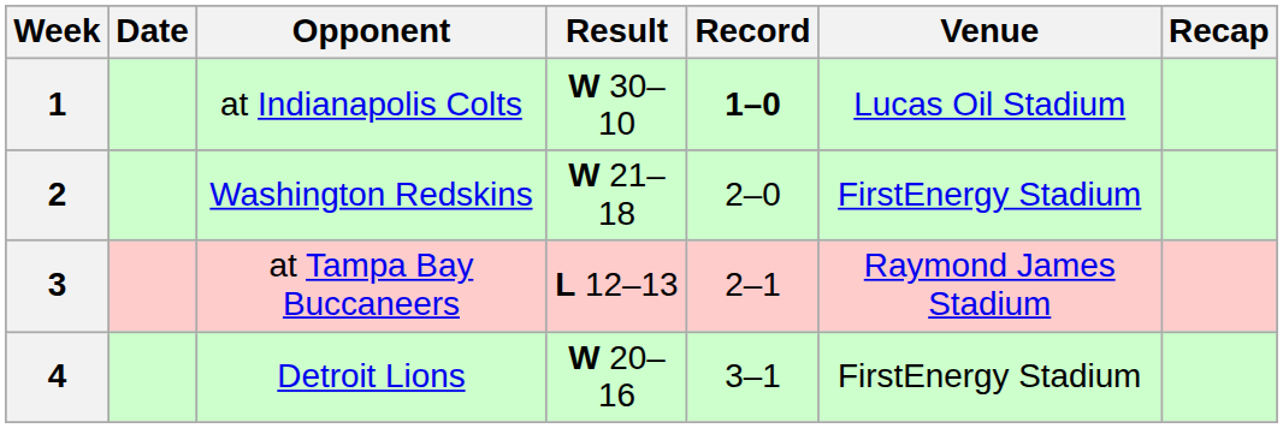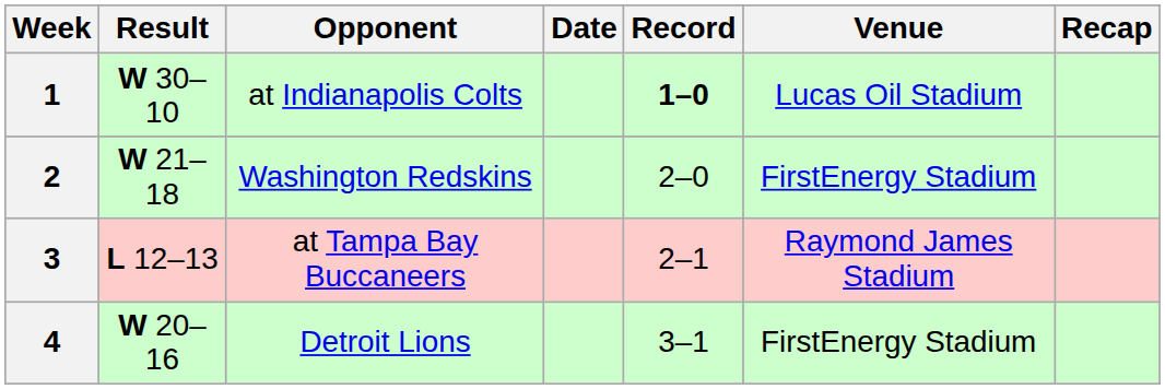 <table class="wikitable" style="text-align:center">
 <tr>
 <th>Week</th>
+<th>Result</th>
+<th>Opponent</th>
 <th>Date</th>
-<th>Opponent</th>
-<th>Result</th>
 <th>Record</th>
 <th>Venue</th>
 <th>Recap</th>
 </tr>
 <tr style="background:#cfc">
 <th>1</th>
+<td><strong>W</strong> 30–10</td>
+<td>at <a href='#'>Indianapolis Colts</a></td>
 <td></td>
-<td>at <a href='#'>Indianapolis Colts</a></td>
-<td><strong>W</strong> 30–10</td>
 <td><strong>1–0</strong></td>
 <td><a href='#'>Lucas Oil Stadium</a></td>
 <td></td>
 </tr>
 <tr style="background:#cfc">
 <th>2</th>
+<td><strong>W</strong> 21–18</td>
+<td><a href='#'>Washington Redskins</a></td>
 <td></td>
-<td><a href='#'>Washington Redskins</a></td>
-<td><strong>W</strong> 21–18</td>
 <td>2–0</td>
 <td><a href='#'>FirstEnergy Stadium</a></td>
 <td></td>
 </tr>
 <tr style="background:#fcc">
 <th>3</th>
+<td><strong>L</strong> 12–13</td>
+<td>at <a href='#'>Tampa Bay Buccaneers</a></td>
 <td></td>
-<td>at <a href='#'>Tampa Bay Buccaneers</a></td>
-<td><strong>L</strong> 12–13</td>
 <td>2–1</td>
 <td><a href='#'>Raymond James Stadium</a></td>
 <td></td>
 </tr>
 <tr style="background:#cfc">
 <th>4</th>
+<td><strong>W</strong> 20–16</td>
+<td><a href='#'>Detroit Lions</a></td>
 <td></td>
-<td><a href='#'>Detroit Lions</a></td>
-<td><strong>W</strong> 20–16</td>
 <td>3–1</td>
 <td>FirstEnergy Stadium</td>
 <td></td>
 </tr>
 </table>
